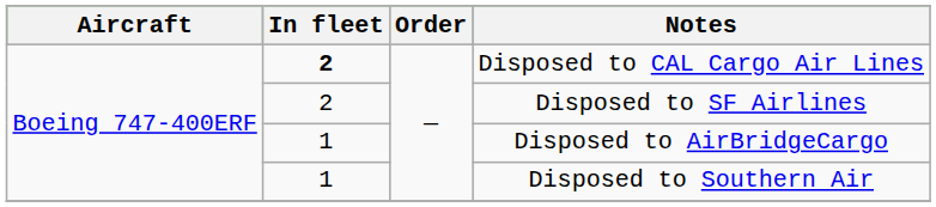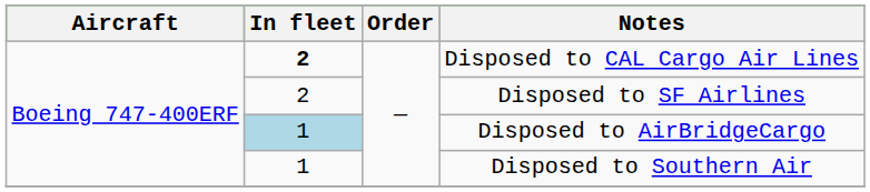 <table class="wikitable" border="1" style="border-collapse: collapse;text-align:center;margin: 1em auto;">
 <tr bgcolor=green>
 <th>Aircraft</th>
 <th>In fleet</th>
 <th>Order</th>
 <th>Notes</th>
 </tr>
 <tr>
 <td rowspan="4"><a href='#'>Boeing 747-400ERF</a></td>
 <td><strong>2</strong></td>
 <td rowspan="4">—</td>
 <td>Disposed to <a href='#'>CAL Cargo Air Lines</a></td>
 </tr>
 <tr>
 <td>2</td>
 <td>Disposed to <a href='#'>SF Airlines</a></td>
 </tr>
 <tr>
-<td>1</td>
+<td style="background: lightblue;">1</td>
 <td>Disposed to <a href='#'>AirBridgeCargo</a></td>
 </tr>
 <tr>
 <td>1</td>
 <td>Disposed to <a href='#'>Southern Air</a></td>
 </tr>
 <tr>
 </tr>
 </table>
